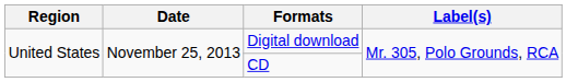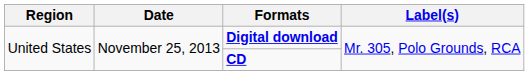 <table class="wikitable">
 <tr>
 <th>Region</th>
 <th>Date</th>
 <th>Formats</th>
 <th><a href='#'>Label(s)</a></th>
 </tr>
 <tr>
 <td rowspan="2">United States</td>
 <td rowspan="2">November 25, 2013</td>
-<td><a href='#'>Digital download</a></td>
+<td><strong><a href='#'>Digital download</a></strong></td>
 <td rowspan="2"><a href='#'>Mr. 305</a>, <a href='#'>Polo Grounds</a>, <a href='#'>RCA</a></td>
 </tr>
 <tr>
-<td><a href='#'>CD</a></td>
+<td><strong><a href='#'>CD</a></strong></td>
 </tr>
 </table>
